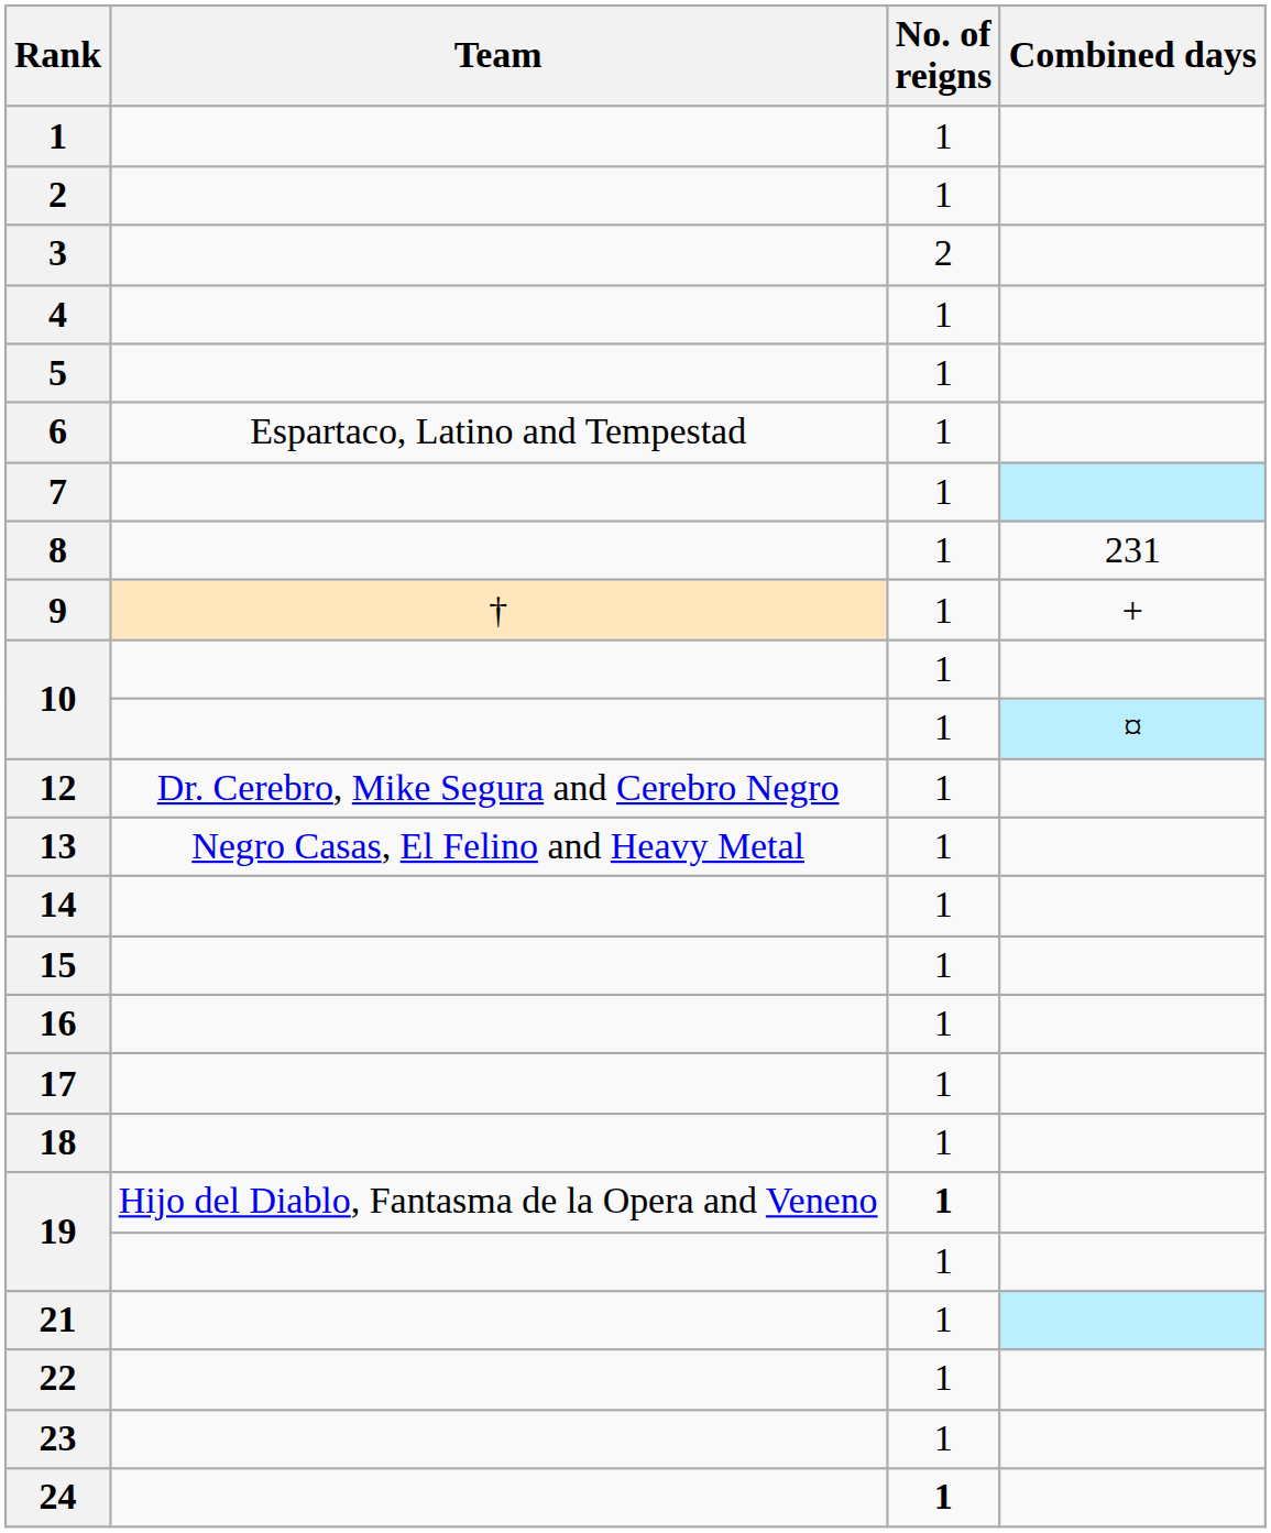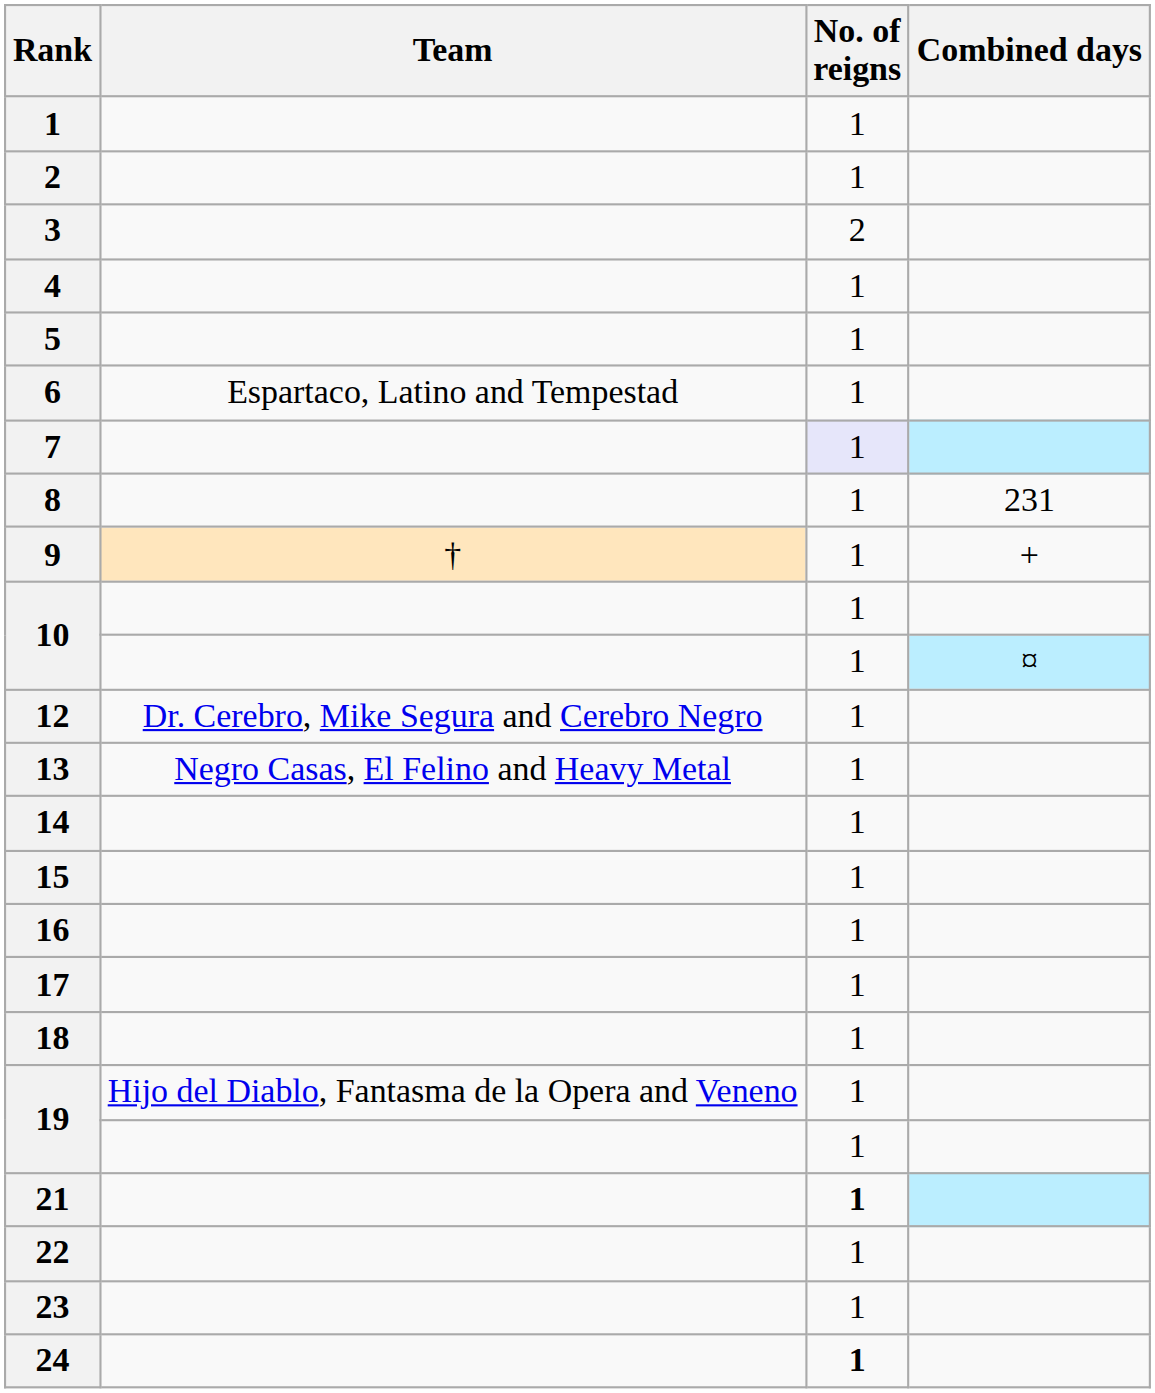 <table class="wikitable sortable"  style="text-align: center">
 <tr>
 <th>Rank</th>
 <th>Team</th>
 <th>No. of<br>reigns</th>
 <th>Combined days</th>
 </tr>
 <tr>
 <th>1</th>
 <td><em></em><br></td>
 <td>1</td>
 <td></td>
 </tr>
 <tr>
 <th>2</th>
 <td><em></em><br></td>
 <td>1</td>
 <td></td>
 </tr>
 <tr>
 <th>3</th>
 <td><em></em><br></td>
 <td>2</td>
 <td></td>
 </tr>
 <tr>
 <th>4</th>
 <td><em></em><br></td>
 <td>1</td>
 <td></td>
 </tr>
 <tr>
 <th>5</th>
 <td><em></em><br></td>
 <td>1</td>
 <td></td>
 </tr>
 <tr>
 <th>6</th>
 <td>Espartaco, Latino and Tempestad</td>
 <td>1</td>
 <td></td>
 </tr>
 <tr>
 <th>7</th>
 <td><em></em><br></td>
-<td>1</td>
+<td style="background: lavender;">1</td>
 <td style="background-color:#bbeeff"></td>
 </tr>
 <tr>
 <th>8</th>
 <td><em></em><br></td>
 <td>1</td>
 <td>231</td>
 </tr>
 <tr>
 <th>9</th>
 <td style="background-color:#FFE6BD"><em></em> †<br></td>
 <td>1</td>
 <td>+</td>
 </tr>
 <tr>
 <th rowspan=2>10</th>
 <td><em></em><br></td>
 <td>1</td>
 <td></td>
 </tr>
 <tr>
 <td><br></td>
 <td>1</td>
 <td style="background-color:#bbeeff">¤</td>
 </tr>
 <tr>
 <th>12</th>
 <td><a href='#'>Dr. Cerebro</a>, <a href='#'>Mike Segura</a> and <a href='#'>Cerebro Negro</a></td>
 <td>1</td>
 <td></td>
 </tr>
 <tr>
 <th>13</th>
 <td><a href='#'>Negro Casas</a>, <a href='#'>El Felino</a> and <a href='#'>Heavy Metal</a></td>
 <td>1</td>
 <td></td>
 </tr>
 <tr>
 <th>14</th>
 <td><em></em><br></td>
 <td>1</td>
 <td></td>
 </tr>
 <tr>
 <th>15</th>
 <td><em></em><br></td>
 <td>1</td>
 <td></td>
 </tr>
 <tr>
 <th>16</th>
 <td><em></em><br></td>
 <td>1</td>
 <td></td>
 </tr>
 <tr>
 <th>17</th>
 <td><em></em><br></td>
 <td>1</td>
 <td></td>
 </tr>
 <tr>
 <th>18</th>
 <td><em></em><br></td>
 <td>1</td>
 <td></td>
 </tr>
 <tr>
 <th rowspan=2>19</th>
 <td><a href='#'>Hijo del Diablo</a>, Fantasma de la Opera and <a href='#'>Veneno</a></td>
-<td><strong>1</strong></td>
+<td>1</td>
 <td></td>
 </tr>
 <tr>
 <td><em></em><br></td>
 <td>1</td>
 <td></td>
 </tr>
 <tr>
 <th>21</th>
 <td><em></em><br></td>
-<td>1</td>
+<td><strong>1</strong></td>
 <td style="background-color:#bbeeff"></td>
 </tr>
 <tr>
 <th>22</th>
 <td><em></em><br></td>
 <td>1</td>
 <td></td>
 </tr>
 <tr>
 <th>23</th>
 <td><em></em><br></td>
 <td>1</td>
 <td></td>
 </tr>
 <tr>
 <th>24</th>
 <td><em></em><br></td>
 <td><strong>1</strong></td>
 <td></td>
 </tr>
 </table>
